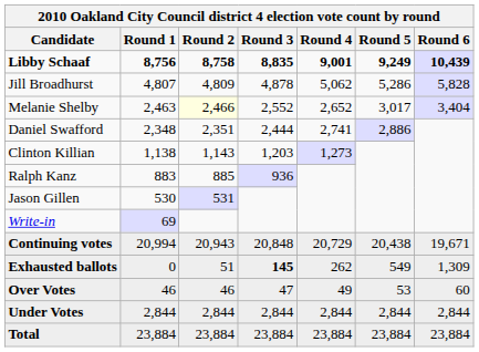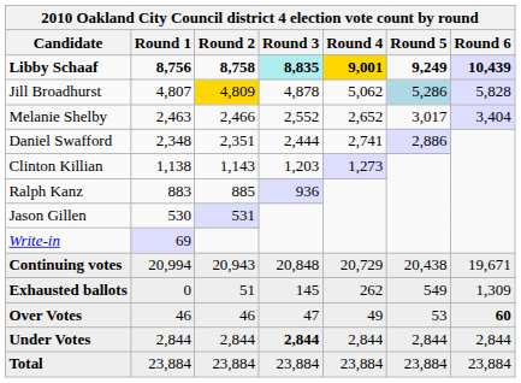 <table class="wikitable" style="text-align: right;">
 <tr>
 <th colspan=17>2010 Oakland City Council district 4 election vote count by round</th>
 </tr>
 <tr>
 <th align="left">Candidate</th>
 <th>Round 1</th>
 <th>Round 2</th>
 <th>Round 3</th>
 <th>Round 4</th>
 <th>Round 5</th>
 <th>Round 6</th>
 </tr>
 <tr>
 <td align="left"><strong>Libby Schaaf</strong></td>
 <td><strong>8,756</strong></td>
 <td><strong>8,758</strong></td>
-<td><strong>8,835</strong></td>
-<td><strong>9,001</strong></td>
+<td style="background: paleturquoise;"><strong>8,835</strong></td>
+<td style="background: gold;"><strong>9,001</strong></td>
 <td><strong>9,249</strong></td>
 <td bgcolor="#ddddff"><strong>10,439</strong></td>
 </tr>
 <tr>
 <td align="left">Jill Broadhurst</td>
 <td>4,807</td>
-<td>4,809</td>
+<td style="background: gold;">4,809</td>
 <td>4,878</td>
 <td>5,062</td>
-<td>5,286</td>
+<td style="background: lightblue;">5,286</td>
 <td bgcolor="#ddddff">5,828</td>
 </tr>
 <tr>
 <td align="left">Melanie Shelby</td>
 <td>2,463</td>
-<td style="background: lightyellow;">2,466</td>
+<td>2,466</td>
 <td>2,552</td>
 <td>2,652</td>
 <td>3,017</td>
 <td bgcolor="#ddddff">3,404</td>
 </tr>
 <tr>
 <td align="left">Daniel Swafford</td>
 <td>2,348</td>
 <td>2,351</td>
 <td>2,444</td>
 <td>2,741</td>
 <td bgcolor="#ddddff">2,886</td>
 <td rowspan="5"></td>
 </tr>
 <tr>
 <td align="left">Clinton Killian</td>
 <td>1,138</td>
 <td>1,143</td>
 <td>1,203</td>
 <td bgcolor="#ddddff">1,273</td>
 <td rowspan="4"></td>
 </tr>
 <tr>
 <td align="left">Ralph Kanz</td>
 <td>883</td>
 <td>885</td>
 <td bgcolor="#ddddff">936</td>
 <td rowspan="3"></td>
 </tr>
 <tr>
 <td align="left">Jason Gillen</td>
 <td>530</td>
 <td bgcolor="#ddddff">531</td>
 <td rowspan="2"></td>
 </tr>
 <tr>
 <td align="left"><em><a href='#'>Write-in</a></em></td>
 <td bgcolor="#ddddff">69</td>
 <td rowspan="1"></td>
 </tr>
 <tr bgcolor="#EEEEEE">
 <td align="left"><strong>Continuing votes</strong></td>
 <td>20,994</td>
 <td>20,943</td>
 <td>20,848</td>
 <td>20,729</td>
 <td>20,438</td>
 <td>19,671</td>
 </tr>
 <tr bgcolor="#EEEEEE">
 <td align="left"><strong>Exhausted ballots</strong></td>
 <td>0</td>
 <td>51</td>
-<td><strong>145</strong></td>
+<td>145</td>
 <td>262</td>
 <td>549</td>
 <td>1,309</td>
 </tr>
 <tr bgcolor="#EEEEEE">
 <td align="left"><strong>Over Votes</strong></td>
 <td>46</td>
 <td>46</td>
 <td>47</td>
 <td>49</td>
 <td>53</td>
-<td>60</td>
+<td><strong>60</strong></td>
 </tr>
 <tr bgcolor="#EEEEEE">
 <td align="left"><strong>Under Votes</strong></td>
 <td>2,844</td>
 <td>2,844</td>
-<td>2,844</td>
+<td><strong>2,844</strong></td>
 <td>2,844</td>
 <td>2,844</td>
 <td>2,844</td>
 </tr>
 <tr bgcolor="#EEEEEE">
 <td align="left"><strong>Total</strong></td>
 <td>23,884</td>
 <td>23,884</td>
 <td>23,884</td>
 <td>23,884</td>
 <td>23,884</td>
 <td>23,884</td>
 </tr>
 </table>
